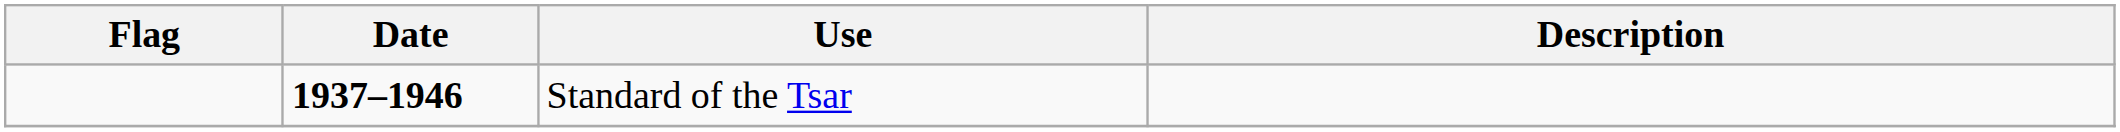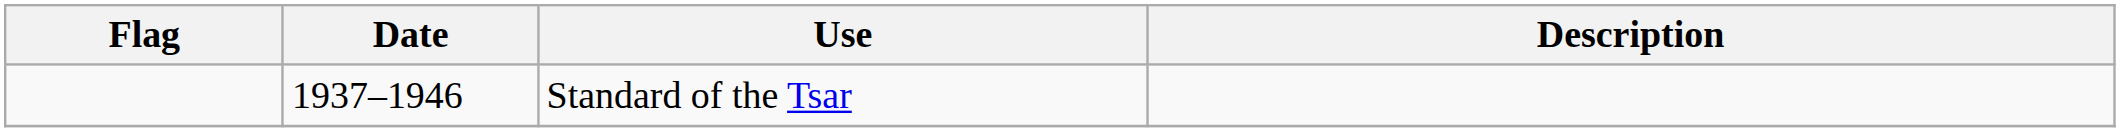 <table class="wikitable" style="background:#f9f9f9">
 <tr>
 <th width="110">Flag</th>
 <th width="100">Date</th>
 <th width="250">Use</th>
 <th width="400">Description</th>
 </tr>
 <tr>
 <td></td>
-<td><strong>1937–1946</strong></td>
+<td>1937–1946</td>
 <td>Standard of the <a href='#'>Tsar</a></td>
 <td></td>
 </tr>
 <tr>
 </tr>
 </table>
